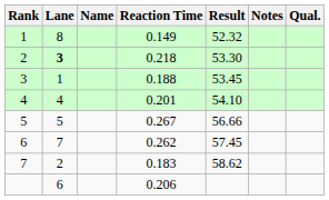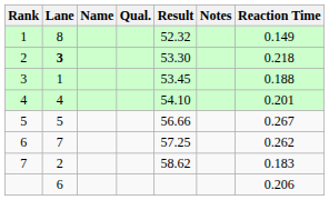 <table class="wikitable sortable" style="text-align:center">
 <tr>
 <th>Rank</th>
 <th>Lane</th>
 <th>Name</th>
-<th>Reaction Time</th>
+<th>Qual.</th>
 <th>Result</th>
 <th>Notes</th>
-<th>Qual.</th>
+<th>Reaction Time</th>
 </tr>
 <tr bgcolor=ccffcc>
 <td>1</td>
 <td>8</td>
 <td align="left"></td>
-<td>0.149</td>
+<td></td>
 <td>52.32</td>
 <td></td>
-<td></td>
+<td>0.149</td>
 </tr>
 <tr bgcolor=ccffcc>
 <td>2</td>
 <td><strong>3</strong></td>
 <td align="left"></td>
-<td>0.218</td>
+<td></td>
 <td>53.30</td>
 <td></td>
-<td></td>
+<td>0.218</td>
 </tr>
 <tr bgcolor=ccffcc>
 <td>3</td>
 <td>1</td>
 <td align="left"></td>
-<td>0.188</td>
+<td></td>
 <td>53.45</td>
 <td></td>
-<td></td>
+<td>0.188</td>
 </tr>
 <tr bgcolor=ccffcc>
 <td>4</td>
 <td>4</td>
 <td align="left"></td>
-<td>0.201</td>
+<td></td>
 <td>54.10</td>
 <td></td>
-<td></td>
+<td>0.201</td>
 </tr>
 <tr>
 <td>5</td>
 <td>5</td>
 <td align="left"></td>
-<td>0.267</td>
+<td></td>
 <td>56.66</td>
 <td></td>
-<td></td>
+<td>0.267</td>
 </tr>
 <tr>
 <td>6</td>
 <td>7</td>
 <td align="left"></td>
+<td></td>
+<td>57.25</td>
+<td></td>
 <td>0.262</td>
-<td>57.45</td>
-<td></td>
-<td></td>
 </tr>
 <tr>
 <td>7</td>
 <td>2</td>
 <td align="left"></td>
-<td>0.183</td>
+<td></td>
 <td>58.62</td>
 <td></td>
-<td></td>
+<td>0.183</td>
 </tr>
 <tr>
 <td></td>
 <td>6</td>
 <td align="left"></td>
-<td>0.206</td>
 <td></td>
 <td></td>
 <td></td>
+<td>0.206</td>
 </tr>
 </table>
